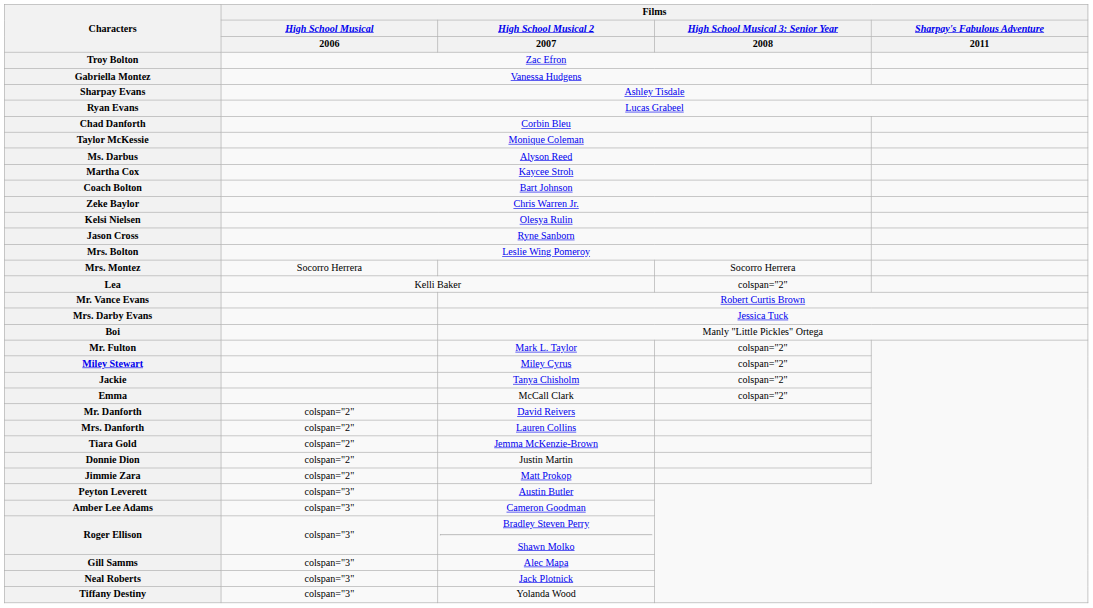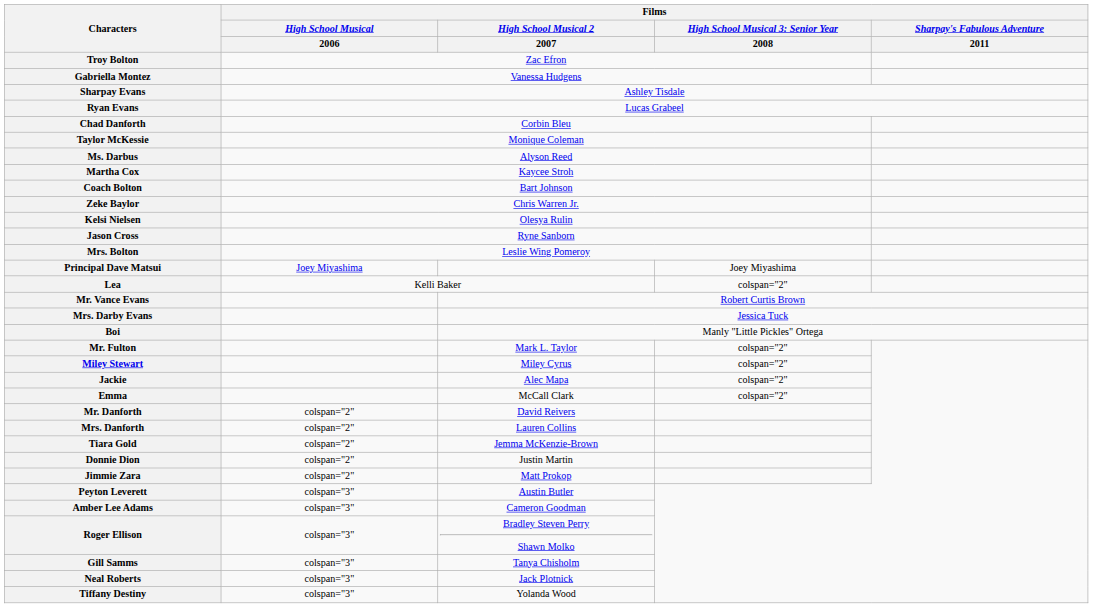 <table class="wikitable plainrowheaders" style="text-align:center;">
 <tr>
 <th scope="col" rowspan="3" style="width:14.29%;">Characters</th>
 <th scope="col" colspan="4">Films</th>
 </tr>
 <tr>
 <th scope="col" style="width:14.29%;"><em><a href='#'>High School Musical</a></em></th>
 <th scope="col" style="width:14.29%;"><em><a href='#'>High School Musical 2</a></em></th>
 <th scope="col" style="width:14.29%;"><em><a href='#'>High School Musical 3: Senior Year</a></em></th>
 <th scope="col" style="width:14.29%;"><em><a href='#'>Sharpay's Fabulous Adventure</a></em></th>
 </tr>
 <tr>
 <th>2006</th>
 <th>2007</th>
 <th>2008</th>
 <th>2011</th>
 </tr>
 <tr>
 <th>Troy Bolton</th>
 <td colspan="3"><a href='#'>Zac Efron</a></td>
 <td></td>
 </tr>
 <tr>
 <th>Gabriella Montez</th>
 <td colspan="3"><a href='#'>Vanessa Hudgens</a></td>
 <td></td>
 </tr>
 <tr>
 <th>Sharpay Evans</th>
 <td colspan="4"><a href='#'>Ashley Tisdale</a></td>
 </tr>
 <tr>
 <th>Ryan Evans</th>
 <td colspan="4"><a href='#'>Lucas Grabeel</a></td>
 </tr>
 <tr>
 <th>Chad Danforth</th>
 <td colspan="3"><a href='#'>Corbin Bleu</a></td>
 <td></td>
 </tr>
 <tr>
 <th>Taylor McKessie</th>
 <td colspan="3"><a href='#'>Monique Coleman</a></td>
 <td></td>
 </tr>
 <tr>
 <th>Ms. Darbus</th>
 <td colspan="3"><a href='#'>Alyson Reed</a></td>
 <td></td>
 </tr>
 <tr>
 <th>Martha Cox</th>
 <td colspan="3"><a href='#'>Kaycee Stroh</a></td>
 <td></td>
 </tr>
 <tr>
 <th>Coach Bolton</th>
 <td colspan="3"><a href='#'>Bart Johnson</a></td>
 <td></td>
 </tr>
 <tr>
 <th>Zeke Baylor</th>
 <td colspan="3"><a href='#'>Chris Warren Jr.</a></td>
 <td></td>
 </tr>
 <tr>
 <th>Kelsi Nielsen</th>
 <td colspan="3"><a href='#'>Olesya Rulin</a></td>
 <td></td>
 </tr>
 <tr>
 <th>Jason Cross</th>
 <td colspan="3"><a href='#'>Ryne Sanborn</a></td>
 <td></td>
 </tr>
 <tr>
 <th>Mrs. Bolton</th>
 <td colspan="3"><a href='#'>Leslie Wing Pomeroy</a></td>
 <td></td>
 </tr>
 <tr>
-<th>Mrs. Montez</th>
-<td>Socorro Herrera</td>
+<th>Principal Dave Matsui</th>
+<td><a href='#'>Joey Miyashima</a></td>
 <td></td>
-<td>Socorro Herrera</td>
+<td>Joey Miyashima</td>
 <td></td>
 </tr>
 <tr>
 <th>Lea</th>
 <td colspan="2">Kelli Baker</td>
 <td>colspan="2" </td>
 </tr>
 <tr>
 <th>Mr. Vance Evans</th>
 <td></td>
 <td colspan="3"><a href='#'>Robert Curtis Brown</a></td>
 </tr>
 <tr>
 <th>Mrs. Darby Evans</th>
 <td></td>
 <td colspan="3"><a href='#'>Jessica Tuck</a></td>
 </tr>
 <tr>
 <th>Boi</th>
 <td></td>
 <td colspan="3">Manly "Little Pickles" Ortega</td>
 </tr>
 <tr>
 <th>Mr. Fulton</th>
 <td></td>
 <td><a href='#'>Mark L. Taylor</a></td>
 <td>colspan="2" </td>
 </tr>
 <tr>
 <th><a href='#'>Miley Stewart</a></th>
 <td></td>
 <td><a href='#'>Miley Cyrus</a></td>
 <td>colspan="2" </td>
 </tr>
 <tr>
 <th>Jackie</th>
 <td></td>
-<td><a href='#'>Tanya Chisholm</a></td>
+<td><a href='#'>Alec Mapa</a></td>
 <td>colspan="2"</td>
 </tr>
 <tr>
 <th>Emma</th>
 <td></td>
 <td>McCall Clark</td>
 <td>colspan="2" </td>
 </tr>
 <tr>
 <th>Mr. Danforth</th>
 <td>colspan="2" </td>
 <td><a href='#'>David Reivers</a></td>
 <td></td>
 </tr>
 <tr>
 <th>Mrs. Danforth</th>
 <td>colspan="2" </td>
 <td><a href='#'>Lauren Collins</a></td>
 <td></td>
 </tr>
 <tr>
 <th>Tiara Gold</th>
 <td>colspan="2" </td>
 <td><a href='#'>Jemma McKenzie-Brown</a></td>
 <td></td>
 </tr>
 <tr>
 <th>Donnie Dion</th>
 <td>colspan="2" </td>
 <td>Justin Martin</td>
 <td></td>
 </tr>
 <tr>
 <th>Jimmie Zara</th>
 <td>colspan="2" </td>
 <td><a href='#'>Matt Prokop</a></td>
 <td></td>
 </tr>
 <tr>
 <th>Peyton Leverett</th>
 <td>colspan="3" </td>
 <td><a href='#'>Austin Butler</a></td>
 </tr>
 <tr>
 <th>Amber Lee Adams</th>
 <td>colspan="3" </td>
 <td><a href='#'>Cameron Goodman</a></td>
 </tr>
 <tr>
 <th>Roger Ellison</th>
 <td>colspan="3" </td>
 <td><a href='#'>Bradley Steven Perry</a><hr><a href='#'>Shawn Molko</a></td>
 </tr>
 <tr>
 <th>Gill Samms</th>
 <td>colspan="3" </td>
-<td><a href='#'>Alec Mapa</a></td>
+<td><a href='#'>Tanya Chisholm</a></td>
 </tr>
 <tr>
 <th>Neal Roberts</th>
 <td>colspan="3" </td>
 <td><a href='#'>Jack Plotnick</a></td>
 </tr>
 <tr>
 <th>Tiffany Destiny</th>
 <td>colspan="3" </td>
 <td>Yolanda Wood</td>
 </tr>
 </table>
